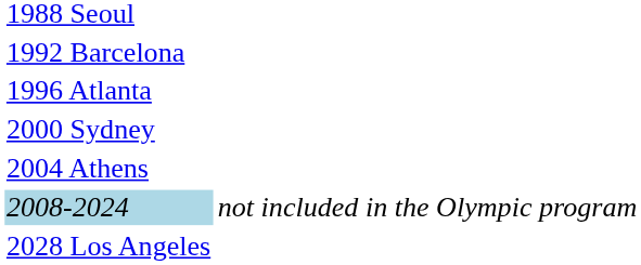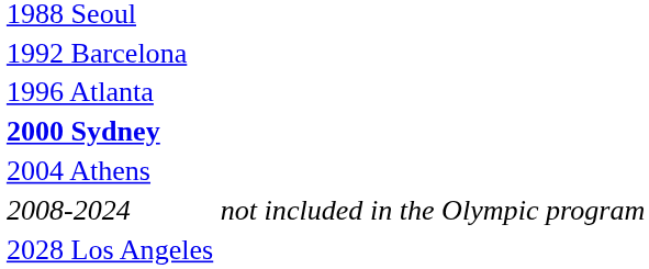 <table>
 <tr>
 <td><a href='#'>1988 Seoul</a><br></td>
 <td nowrap></td>
 <td></td>
 <td nowrap></td>
 </tr>
 <tr valign="top">
 <td rowspan="2"><a href='#'>1992 Barcelona</a><br></td>
 <td rowspan="2"></td>
 <td rowspan="2"></td>
 <td></td>
 </tr>
 <tr>
 <td></td>
 </tr>
 <tr>
 <td><a href='#'>1996 Atlanta</a><br></td>
 <td></td>
 <td nowrap></td>
 <td></td>
 </tr>
 <tr>
-<td><a href='#'>2000 Sydney</a><br></td>
+<td><strong><a href='#'>2000 Sydney</a><br></strong></td>
 <td></td>
 <td></td>
 <td></td>
 </tr>
 <tr>
 <td><a href='#'>2004 Athens</a><br></td>
 <td></td>
 <td></td>
 <td></td>
 </tr>
 <tr>
-<td style="background: lightblue;"><em>2008-2024</em></td>
+<td><em>2008-2024</em></td>
 <td colspan=3 align=center><em>not included in the Olympic program</em></td>
 </tr>
 <tr>
 <td><a href='#'>2028 Los Angeles</a> <br></td>
 <td></td>
 <td></td>
 <td></td>
 </tr>
 <tr>
 </tr>
 </table>
